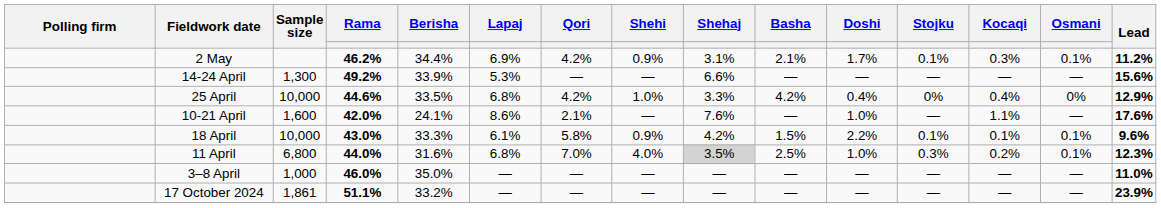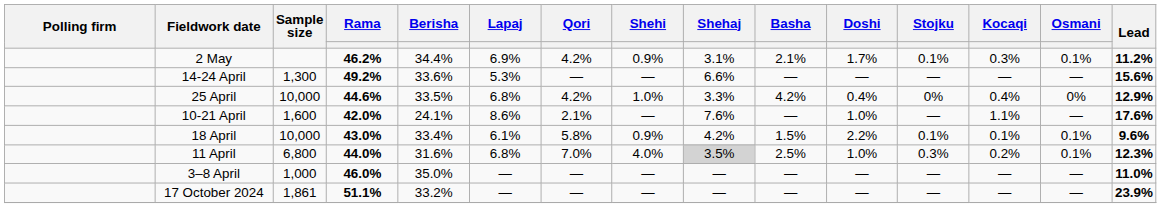 <table class="wikitable sortable mw-datatable" style="text-align:center;font-size:90%;line-height:14px;">
 <tr style="height:40px;">
 <th style="width:155px;" rowspan="2">Polling firm</th>
 <th style="width:120px;" rowspan="2">Fieldwork date</th>
 <th style="width: 35px;" rowspan="2">Sample<br>size</th>
 <th class="unsortable" style="width:70px;"><a href='#'>Rama</a><br></th>
 <th class="unsortable" style="width:70px;"><a href='#'>Berisha</a><br></th>
 <th class="unsortable" style="width:70px;"><a href='#'>Lapaj</a><br></th>
 <th class="unsortable" style="width:70px;"><a href='#'>Qori</a><br></th>
 <th class="unsortable" style="width:70px;"><a href='#'>Shehi</a><br></th>
 <th class="unsortable" style="width:70px;"><a href='#'>Shehaj</a><br></th>
 <th class="unsortable" style="width:70px;"><a href='#'>Basha</a><br></th>
 <th class="unsortable" style="width:70px;"><a href='#'>Doshi</a><br></th>
 <th class="unsortable" style="width:70px;"><a href='#'>Stojku</a><br></th>
 <th class="unsortable" style="width:70px;"><a href='#'>Kocaqi</a><br></th>
 <th class="unsortable" style="width:70px;"><a href='#'>Osmani</a><br></th>
 <th style="width:30px;" rowspan=2><br>Lead</th>
 </tr>
 <tr>
 <th style="background:"></th>
 <th style="background:"></th>
 <th style="background:"></th>
 <th style="background:"></th>
 <th style="background:"></th>
 <th style="background:"></th>
 <th style="background:"></th>
 <th style="background:"></th>
 <th style="background:"></th>
 <th style="background:"></th>
 <th style="background:"></th>
 </tr>
 <tr>
 <td></td>
 <td>2 May</td>
 <td></td>
 <td><strong>46.2%</strong></td>
 <td>34.4%</td>
 <td>6.9%</td>
 <td>4.2%</td>
 <td>0.9%</td>
 <td>3.1%</td>
 <td>2.1%</td>
 <td>1.7%</td>
 <td>0.1%</td>
 <td>0.3%</td>
 <td>0.1%</td>
 <td style="background:"><strong>11.2%</strong></td>
 </tr>
 <tr>
 <td></td>
 <td>14-24 April</td>
 <td>1,300</td>
 <td><strong>49.2%</strong></td>
-<td>33.9%</td>
+<td>33.6%</td>
 <td>5.3%</td>
 <td>—</td>
 <td>—</td>
 <td>6.6%</td>
 <td>—</td>
 <td>—</td>
 <td>—</td>
 <td>—</td>
 <td>—</td>
 <td style="background:"><strong>15.6%</strong></td>
 </tr>
 <tr>
 <td></td>
 <td>25 April</td>
 <td>10,000</td>
 <td><strong>44.6%</strong></td>
 <td>33.5%</td>
 <td>6.8%</td>
 <td>4.2%</td>
 <td>1.0%</td>
 <td>3.3%</td>
 <td>4.2%</td>
 <td>0.4%</td>
 <td>0%</td>
 <td>0.4%</td>
 <td>0%</td>
 <td style="background:"><strong>12.9%</strong></td>
 </tr>
 <tr>
 <td></td>
 <td>10-21 April</td>
 <td>1,600</td>
 <td><strong>42.0%</strong></td>
 <td>24.1%</td>
 <td>8.6%</td>
 <td>2.1%</td>
 <td>—</td>
 <td>7.6%</td>
 <td>—</td>
 <td>1.0%</td>
 <td>—</td>
 <td>1.1%</td>
 <td>—</td>
 <td style="background:"><strong>17.6%</strong></td>
 </tr>
 <tr>
 <td></td>
 <td>18 April</td>
 <td>10,000</td>
 <td><strong>43.0%</strong></td>
-<td>33.3%</td>
+<td>33.4%</td>
 <td>6.1%</td>
 <td>5.8%</td>
 <td>0.9%</td>
 <td>4.2%</td>
 <td>1.5%</td>
 <td>2.2%</td>
 <td>0.1%</td>
 <td>0.1%</td>
 <td>0.1%</td>
 <td style="background:"><strong>9.6%</strong></td>
 </tr>
 <tr>
 <td></td>
 <td>11 April</td>
 <td>6,800</td>
 <td><strong>44.0%</strong></td>
 <td>31.6%</td>
 <td>6.8%</td>
 <td>7.0%</td>
 <td>4.0%</td>
 <td style="background: lightgrey;">3.5%</td>
 <td>2.5%</td>
 <td>1.0%</td>
 <td>0.3%</td>
 <td>0.2%</td>
 <td>0.1%</td>
 <td style="background:"><strong>12.3%</strong></td>
 </tr>
 <tr>
 <td></td>
 <td>3–8 April</td>
 <td>1,000</td>
 <td><strong>46.0%</strong></td>
 <td>35.0%</td>
 <td>—</td>
 <td>—</td>
 <td>—</td>
 <td>—</td>
 <td>—</td>
 <td>—</td>
 <td>—</td>
 <td>—</td>
 <td>—</td>
 <td style="background:"><strong>11.0%</strong></td>
 </tr>
 <tr>
 <td></td>
 <td>17 October 2024</td>
 <td>1,861</td>
 <td><strong>51.1%</strong></td>
 <td>33.2%</td>
 <td>—</td>
 <td>—</td>
 <td>—</td>
 <td>—</td>
 <td>—</td>
 <td>—</td>
 <td>—</td>
 <td>—</td>
 <td>—</td>
 <td style="background:"><strong>23.9%</strong></td>
 </tr>
 <tr>
 </tr>
 </table>
